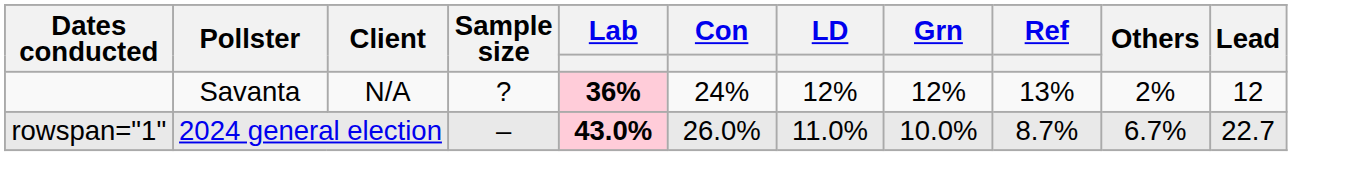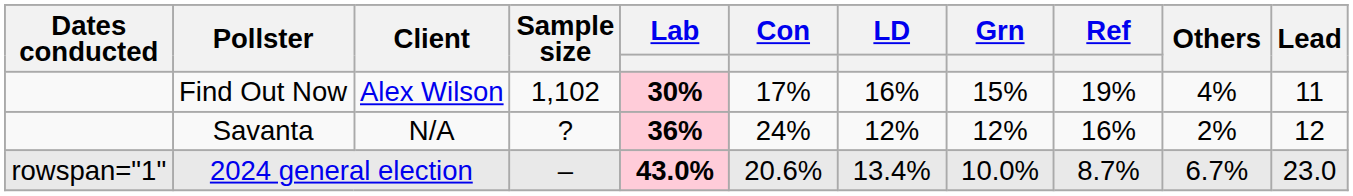 <table class="wikitable sortable mw-datatable" style="text-align:center; font-size:90%; line-height:14px;">
 <tr>
 <th rowspan="2">Dates <br>conducted</th>
 <th rowspan="2">Pollster</th>
 <th rowspan="2">Client</th>
 <th data-sort-type="number" rowspan="2">Sample <br>size</th>
 <th class="unsortable" style="width:50px;"><a href='#'>Lab</a></th>
 <th class="unsortable" style="width:50px;"><a href='#'>Con</a></th>
 <th class="unsortable" style="width:50px;"><a href='#'>LD</a></th>
 <th class="unsortable" style="width:50px;"><a href='#'>Grn</a></th>
 <th class="unsortable" style="width:50px;"><a href='#'>Ref</a></th>
 <th rowspan="2" class="unsortable" style="width:50px;">Others</th>
 <th data-sort-type="number" rowspan="2">Lead</th>
 </tr>
 <tr>
 <th data-sort-type="number" style="background:"></th>
 <th data-sort-type="number" style="background:"></th>
 <th data-sort-type="number" style="background:"></th>
 <th data-sort-type="number" style="background:"></th>
 <th data-sort-type="number" style="background:"></th>
 </tr>
 <tr>
 <td></td>
+<td>Find Out Now</td>
+<td><a href='#'>Alex Wilson</a></td>
+<td>1,102</td>
+<td style="background:#FFCCD9;"><strong>30%</strong></td>
+<td>17%</td>
+<td>16%</td>
+<td>15%</td>
+<td>19%</td>
+<td>4%</td>
+<td style="background:">11</td>
+</tr>
+<tr>
+<td></td>
 <td>Savanta</td>
 <td>N/A</td>
 <td>?</td>
 <td style="background:#FFCCD9;"><strong>36%</strong></td>
 <td>24%</td>
 <td>12%</td>
 <td>12%</td>
-<td>13%</td>
+<td>16%</td>
 <td>2%</td>
 <td style="background:">12</td>
 </tr>
 <tr style="background:#e9e9e9;">
 <td>rowspan="1" </td>
 <td colspan="2"><a href='#'>2024 general election</a></td>
 <td>–</td>
 <td style="background:#ffccd9;"><strong>43.0%</strong></td>
-<td>26.0%</td>
-<td>11.0%</td>
+<td>20.6%</td>
+<td>13.4%</td>
 <td>10.0%</td>
 <td>8.7%</td>
 <td>6.7%</td>
-<td style="background:">22.7</td>
+<td style="background:">23.0</td>
 </tr>
 </table>
